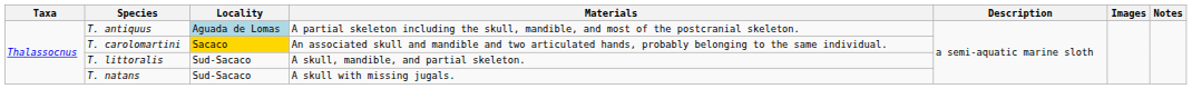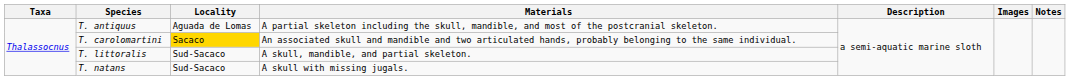 <table class="wikitable"  style="margin:auto; width:100%;">
 <tr>
 <th>Taxa</th>
 <th>Species</th>
 <th>Locality</th>
 <th>Materials</th>
 <th>Description</th>
 <th>Images</th>
 <th class=unsortable>Notes</th>
 </tr>
 <tr>
 <td rowspan = "4"><em><a href='#'>Thalassocnus</a></em></td>
 <td><em>T. antiquus</em></td>
-<td style="background: lightblue;">Aguada de Lomas</td>
+<td>Aguada de Lomas</td>
 <td>A partial skeleton including the skull, mandible, and most of the postcranial skeleton.</td>
 <td rowspan = "4">a semi-aquatic marine sloth</td>
 <td rowspan = "4"></td>
 <td rowspan = "4"> </td>
 </tr>
 <tr>
 <td><em>T. carolomartini</em></td>
 <td style="background: gold;">Sacaco</td>
 <td>An associated skull and mandible and two articulated hands, probably belonging to the same individual.</td>
 </tr>
 <tr>
 <td><em>T. littoralis</em></td>
 <td>Sud-Sacaco</td>
 <td>A skull, mandible, and partial skeleton.</td>
 </tr>
 <tr>
 <td><em>T. natans</em></td>
 <td>Sud-Sacaco</td>
 <td>A skull with missing jugals.</td>
 </tr>
 </table>
